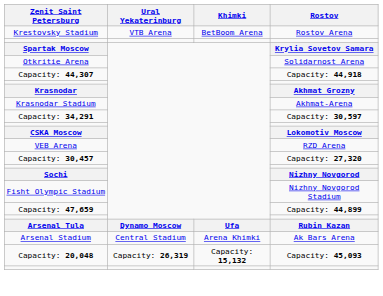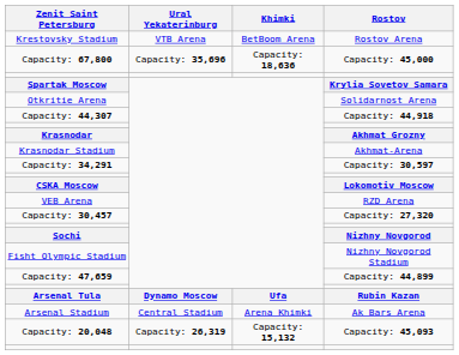 <table class="wikitable" style="text-align:center; margin:1em auto">
 <tr>
 <th><a href='#'>Zenit Saint Petersburg</a></th>
 <th><a href='#'>Ural Yekaterinburg</a></th>
 <th><a href='#'>Khimki</a></th>
 <th><a href='#'>Rostov</a></th>
 </tr>
 <tr>
 <td><a href='#'>Krestovsky Stadium</a></td>
 <td><a href='#'>VTB Arena</a></td>
 <td><a href='#'>BetBoom Arena</a></td>
 <td><a href='#'>Rostov Arena</a></td>
+</tr>
+<tr>
+<td>Capacity: <strong>67,800</strong></td>
+<td>Capacity: <strong>35,696</strong></td>
+<td>Capacity: <strong>18,636</strong></td>
+<td>Capacity: <strong>45,000</strong></td>
 </tr>
 <tr>
 <td></td>
 <td></td>
 <td></td>
 <td></td>
 </tr>
 <tr>
 <th><a href='#'>Spartak Moscow</a></th>
 <td colspan="2" rowspan="16"><br> </td>
 <th><a href='#'>Krylia Sovetov Samara</a></th>
 </tr>
 <tr>
 <td><a href='#'>Otkritie Arena</a></td>
 <td><a href='#'>Solidarnost Arena</a></td>
 </tr>
 <tr>
 <td>Capacity: <strong>44,307</strong></td>
 <td>Capacity: <strong>44,918</strong></td>
 </tr>
 <tr>
 <td></td>
 <td></td>
 </tr>
 <tr>
 <th><a href='#'>Krasnodar</a></th>
 <th><a href='#'>Akhmat Grozny</a></th>
 </tr>
 <tr>
 <td><a href='#'>Krasnodar Stadium</a></td>
 <td><a href='#'>Akhmat-Arena</a></td>
 </tr>
 <tr>
 <td>Capacity: <strong>34,291</strong></td>
 <td>Capacity: <strong>30,597</strong></td>
 </tr>
 <tr>
 <td></td>
 <td></td>
 </tr>
 <tr>
 <th><a href='#'>CSKA Moscow</a></th>
 <th><a href='#'>Lokomotiv Moscow</a></th>
 </tr>
 <tr>
 <td><a href='#'>VEB Arena</a></td>
 <td><a href='#'>RZD Arena</a></td>
 </tr>
 <tr>
 <td>Capacity: <strong>30,457</strong></td>
 <td>Capacity: <strong>27,320</strong></td>
 </tr>
 <tr>
 <td></td>
 <td></td>
 </tr>
 <tr>
 <th><a href='#'>Sochi</a></th>
 <th><a href='#'>Nizhny Novgorod</a></th>
 </tr>
 <tr>
 <td><a href='#'>Fisht Olympic Stadium</a></td>
 <td><a href='#'>Nizhny Novgorod Stadium</a></td>
 </tr>
 <tr>
 <td>Capacity: <strong>47,659</strong></td>
 <td>Capacity: <strong>44,899</strong></td>
 </tr>
 <tr>
 <td></td>
 <td></td>
 </tr>
 <tr>
 <th><a href='#'>Arsenal Tula</a></th>
 <th><a href='#'>Dynamo Moscow</a></th>
 <th><a href='#'>Ufa</a></th>
 <th><a href='#'>Rubin Kazan</a></th>
 </tr>
 <tr>
 <td><a href='#'>Arsenal Stadium</a></td>
 <td><a href='#'>Central Stadium</a></td>
 <td><a href='#'>Arena Khimki</a></td>
 <td><a href='#'>Ak Bars Arena</a></td>
 </tr>
 <tr>
 <td>Capacity: <strong>20,048</strong></td>
 <td>Capacity: <strong>26,319</strong></td>
 <td>Capacity: <strong>15,132</strong></td>
 <td>Capacity: <strong>45,093</strong></td>
 </tr>
 <tr>
 <td></td>
 <td></td>
 <td></td>
 <td></td>
 </tr>
 </table>
